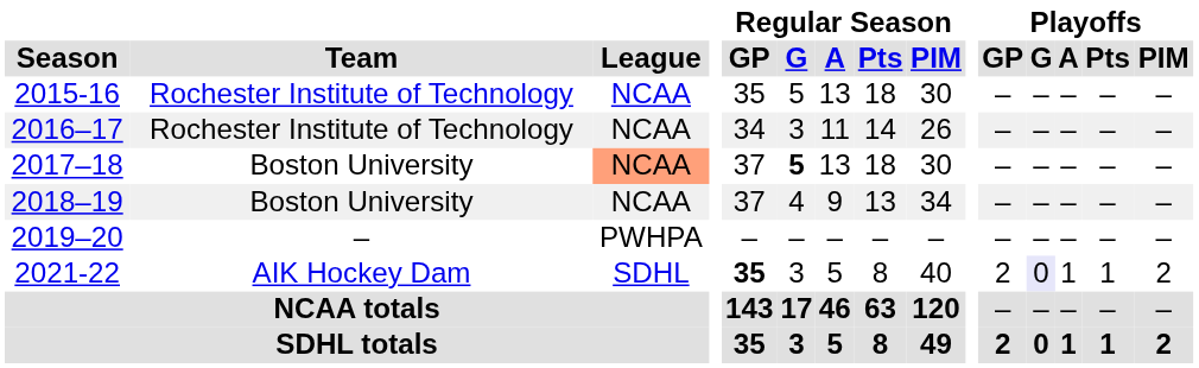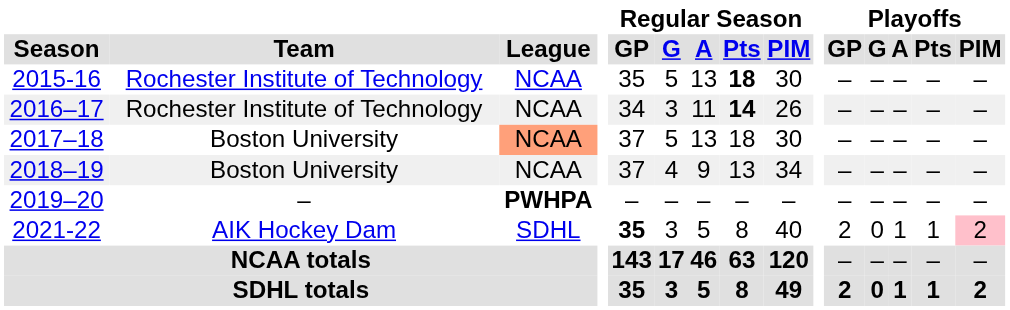 <table style="text-align:center; width:75%" cellspacing="0" cellpadding="1" border="0">
 <tr>
 <th colspan="3" bgcolor="#ffffff"> </th>
 <th rowspan="100" bgcolor="#ffffff"> </th>
 <th colspan="5">Regular Season</th>
 <th rowspan="100" bgcolor="#ffffff"> </th>
 <th colspan="5">Playoffs</th>
 </tr>
 <tr bgcolor="#e0e0e0">
 <th>Season</th>
 <th>Team</th>
 <th>League</th>
 <th>GP</th>
 <th><a href='#'>G</a></th>
 <th><a href='#'>A</a></th>
 <th><a href='#'>Pts</a></th>
 <th><a href='#'>PIM</a></th>
 <th>GP</th>
 <th>G</th>
 <th>A</th>
 <th>Pts</th>
 <th>PIM</th>
 </tr>
 <tr>
 <td><a href='#'>2015-16</a></td>
 <td><a href='#'>Rochester Institute of Technology</a></td>
 <td><a href='#'>NCAA</a></td>
 <td>35</td>
 <td>5</td>
 <td>13</td>
-<td>18</td>
+<td><strong>18</strong></td>
 <td>30</td>
 <td>–</td>
 <td>–</td>
 <td>–</td>
 <td>–</td>
 <td>–</td>
 </tr>
 <tr bgcolor="#f0f0f0">
 <td><a href='#'>2016–17</a></td>
 <td>Rochester Institute of Technology</td>
 <td>NCAA</td>
 <td>34</td>
 <td>3</td>
 <td>11</td>
-<td>14</td>
+<td><strong>14</strong></td>
 <td>26</td>
 <td>–</td>
 <td>–</td>
 <td>–</td>
 <td>–</td>
 <td>–</td>
 </tr>
 <tr>
 <td><a href='#'>2017–18</a></td>
 <td>Boston University</td>
 <td style="background: lightsalmon;">NCAA</td>
 <td>37</td>
-<td><strong>5</strong></td>
+<td>5</td>
 <td>13</td>
 <td>18</td>
 <td>30</td>
 <td>–</td>
 <td>–</td>
 <td>–</td>
 <td>–</td>
 <td>–</td>
 </tr>
 <tr bgcolor="#f0f0f0">
 <td><a href='#'>2018–19</a></td>
 <td>Boston University</td>
 <td>NCAA</td>
 <td>37</td>
 <td>4</td>
 <td>9</td>
 <td>13</td>
 <td>34</td>
 <td>–</td>
 <td>–</td>
 <td>–</td>
 <td>–</td>
 <td>–</td>
 </tr>
 <tr>
 <td><a href='#'>2019–20</a></td>
 <td>–</td>
-<td>PWHPA</td>
+<td><strong>PWHPA</strong></td>
 <td>–</td>
 <td>–</td>
 <td>–</td>
 <td>–</td>
 <td>–</td>
 <td>–</td>
 <td>–</td>
 <td>–</td>
 <td>–</td>
 <td>–</td>
 </tr>
 <tr>
 <td><a href='#'>2021-22</a></td>
 <td><a href='#'>AIK Hockey Dam</a></td>
 <td><a href='#'>SDHL</a></td>
 <th>35</th>
 <td>3</td>
 <td>5</td>
 <td>8</td>
 <td>40</td>
 <td>2</td>
-<td style="background: lavender;">0</td>
+<td>0</td>
 <td>1</td>
 <td>1</td>
-<td>2</td>
+<td style="background: pink;">2</td>
 </tr>
 <tr bgcolor="#e0e0e0">
 <th colspan="3">NCAA totals</th>
 <th>143</th>
 <th>17</th>
 <th>46</th>
 <th>63</th>
 <th>120</th>
 <td>–</td>
 <td>–</td>
 <td>–</td>
 <td>–</td>
 <td>–</td>
 </tr>
 <tr bgcolor="#e0e0e0">
 <th colspan="3">SDHL totals</th>
 <th>35</th>
 <th>3</th>
 <th>5</th>
 <th>8</th>
 <th>49</th>
 <th>2</th>
 <th>0</th>
 <th>1</th>
 <th>1</th>
 <th>2</th>
 </tr>
 </table>
